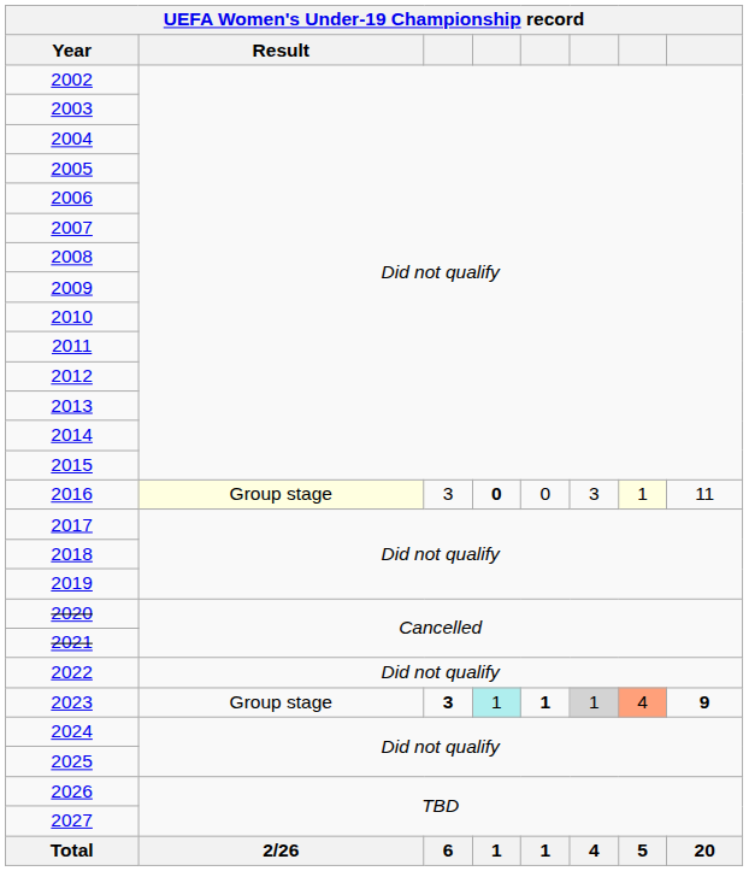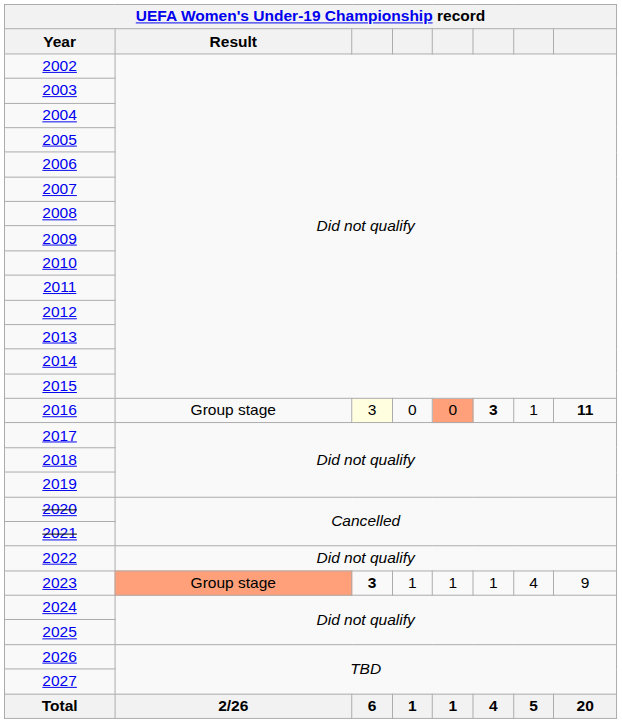 <table class="wikitable" style="text-align: center; width:50%;">
 <tr>
 <th colspan=9><a href='#'>UEFA Women's Under-19 Championship</a> record</th>
 </tr>
 <tr>
 <th>Year</th>
 <th>Result</th>
 <th></th>
 <th></th>
 <th></th>
 <th></th>
 <th></th>
 <th></th>
 </tr>
 <tr>
 <td> <a href='#'>2002</a></td>
 <td colspan=7 rowspan=14><em>Did not qualify</em></td>
 </tr>
 <tr>
 <td> <a href='#'>2003</a></td>
 </tr>
 <tr>
 <td> <a href='#'>2004</a></td>
 </tr>
 <tr>
 <td> <a href='#'>2005</a></td>
 </tr>
 <tr>
 <td> <a href='#'>2006</a></td>
 </tr>
 <tr>
 <td> <a href='#'>2007</a></td>
 </tr>
 <tr>
 <td> <a href='#'>2008</a></td>
 </tr>
 <tr>
 <td> <a href='#'>2009</a></td>
 </tr>
 <tr>
 <td> <a href='#'>2010</a></td>
 </tr>
 <tr>
 <td> <a href='#'>2011</a></td>
 </tr>
 <tr>
 <td> <a href='#'>2012</a></td>
 </tr>
 <tr>
 <td> <a href='#'>2013</a></td>
 </tr>
 <tr>
 <td> <a href='#'>2014</a></td>
 </tr>
 <tr>
 <td> <a href='#'>2015</a></td>
 </tr>
 <tr>
 <td> <a href='#'>2016</a></td>
-<td style="background: lightyellow;">Group stage</td>
-<td>3</td>
-<td><strong>0</strong></td>
+<td>Group stage</td>
+<td style="background: lightyellow;">3</td>
 <td>0</td>
-<td>3</td>
-<td style="background: lightyellow;">1</td>
-<td>11</td>
+<td style="background: lightsalmon;">0</td>
+<td><strong>3</strong></td>
+<td>1</td>
+<td><strong>11</strong></td>
 </tr>
 <tr>
 <td> <a href='#'>2017</a></td>
 <td colspan=8 rowspan=3><em>Did not qualify</em></td>
 </tr>
 <tr>
 <td> <a href='#'>2018</a></td>
 </tr>
 <tr>
 <td> <a href='#'>2019</a></td>
 </tr>
 <tr>
 <td> <s><a href='#'>2020</a></s></td>
 <td colspan=8 rowspan=2><em>Cancelled</em></td>
 </tr>
 <tr>
 <td> <s><a href='#'>2021</a></s></td>
 </tr>
 <tr>
 <td> <a href='#'>2022</a></td>
 <td colspan=8><em>Did not qualify</em></td>
 </tr>
 <tr>
 <td> <a href='#'>2023</a></td>
-<td>Group stage</td>
+<td style="background: lightsalmon;">Group stage</td>
 <td><strong>3</strong></td>
-<td style="background: paleturquoise;">1</td>
-<td><strong>1</strong></td>
-<td style="background: lightgrey;">1</td>
-<td style="background: lightsalmon;">4</td>
-<td><strong>9</strong></td>
+<td>1</td>
+<td>1</td>
+<td>1</td>
+<td>4</td>
+<td>9</td>
 </tr>
 <tr>
 <td> <a href='#'>2024</a></td>
 <td colspan=8 rowspan=2><em>Did not qualify</em></td>
 </tr>
 <tr>
 <td> <a href='#'>2025</a></td>
 </tr>
 <tr>
 <td> <a href='#'>2026</a></td>
 <td colspan=8 rowspan=2><em>TBD</em></td>
 </tr>
 <tr>
 <td> <a href='#'>2027</a></td>
 </tr>
 <tr>
 <th>Total</th>
 <th>2/26</th>
 <th>6</th>
 <th>1</th>
 <th>1</th>
 <th>4</th>
 <th>5</th>
 <th>20</th>
 </tr>
 </table>
